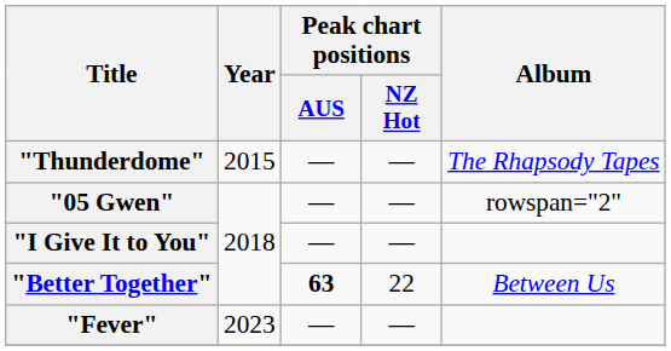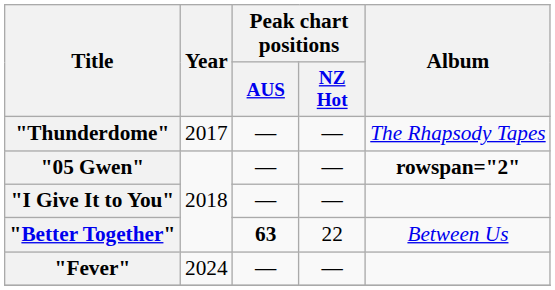 <table class="wikitable plainrowheaders" style="text-align:center;">
 <tr>
 <th scope="col" rowspan="2">Title</th>
 <th scope="col" rowspan="2">Year</th>
 <th scope="col" colspan="2">Peak chart positions</th>
 <th scope="col" rowspan="2">Album</th>
 </tr>
 <tr>
 <th scope="col" style="width:3em;font-size:90%;"><a href='#'>AUS</a><br></th>
 <th scope="col" style="width:3em;font-size:90%;"><a href='#'>NZ<br>Hot</a><br></th>
 </tr>
 <tr>
 <th scope="row">"Thunderdome"<br></th>
-<td>2015</td>
+<td>2017</td>
 <td>—</td>
 <td>—</td>
 <td><em><a href='#'>The Rhapsody Tapes</a></em></td>
 </tr>
 <tr>
 <th scope="row">"05 Gwen"<br></th>
 <td rowspan="3">2018</td>
 <td>—</td>
 <td>—</td>
-<td>rowspan="2" </td>
+<td><strong>rowspan="2" </strong></td>
 </tr>
 <tr>
 <th scope="row">"I Give It to You"<br></th>
 <td>—</td>
 <td>—</td>
 </tr>
 <tr>
 <th scope="row">"<a href='#'>Better Together</a>"<br></th>
 <td><strong>63</strong></td>
 <td>22</td>
 <td><em><a href='#'>Between Us</a></em></td>
 </tr>
 <tr>
 <th scope="row">"Fever"<br></th>
-<td>2023</td>
+<td>2024</td>
 <td>—</td>
 <td>—</td>
 <td></td>
 </tr>
 <tr>
 </tr>
 </table>
